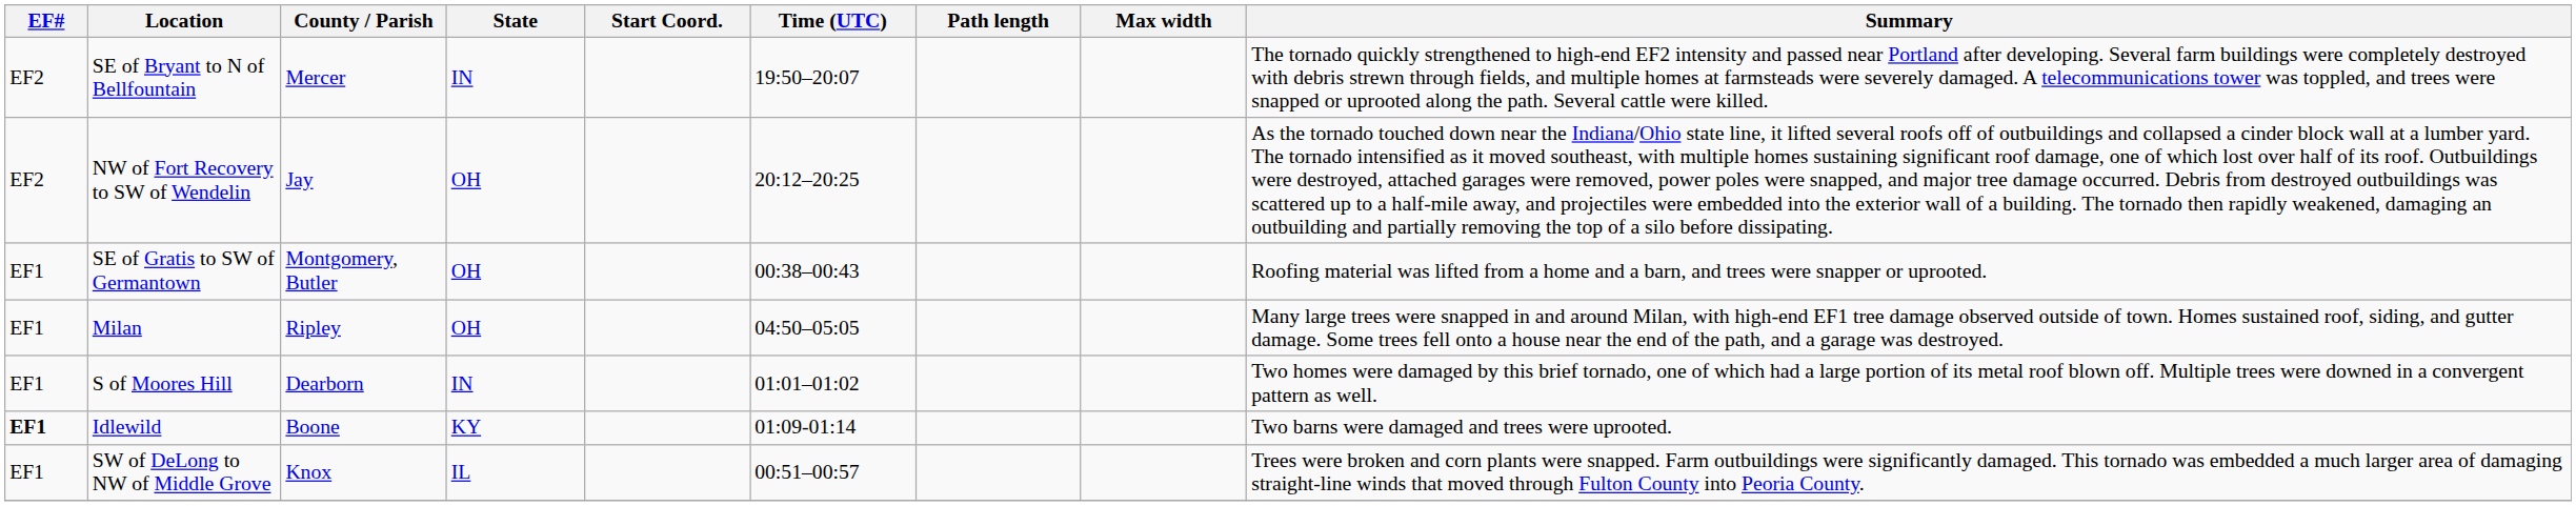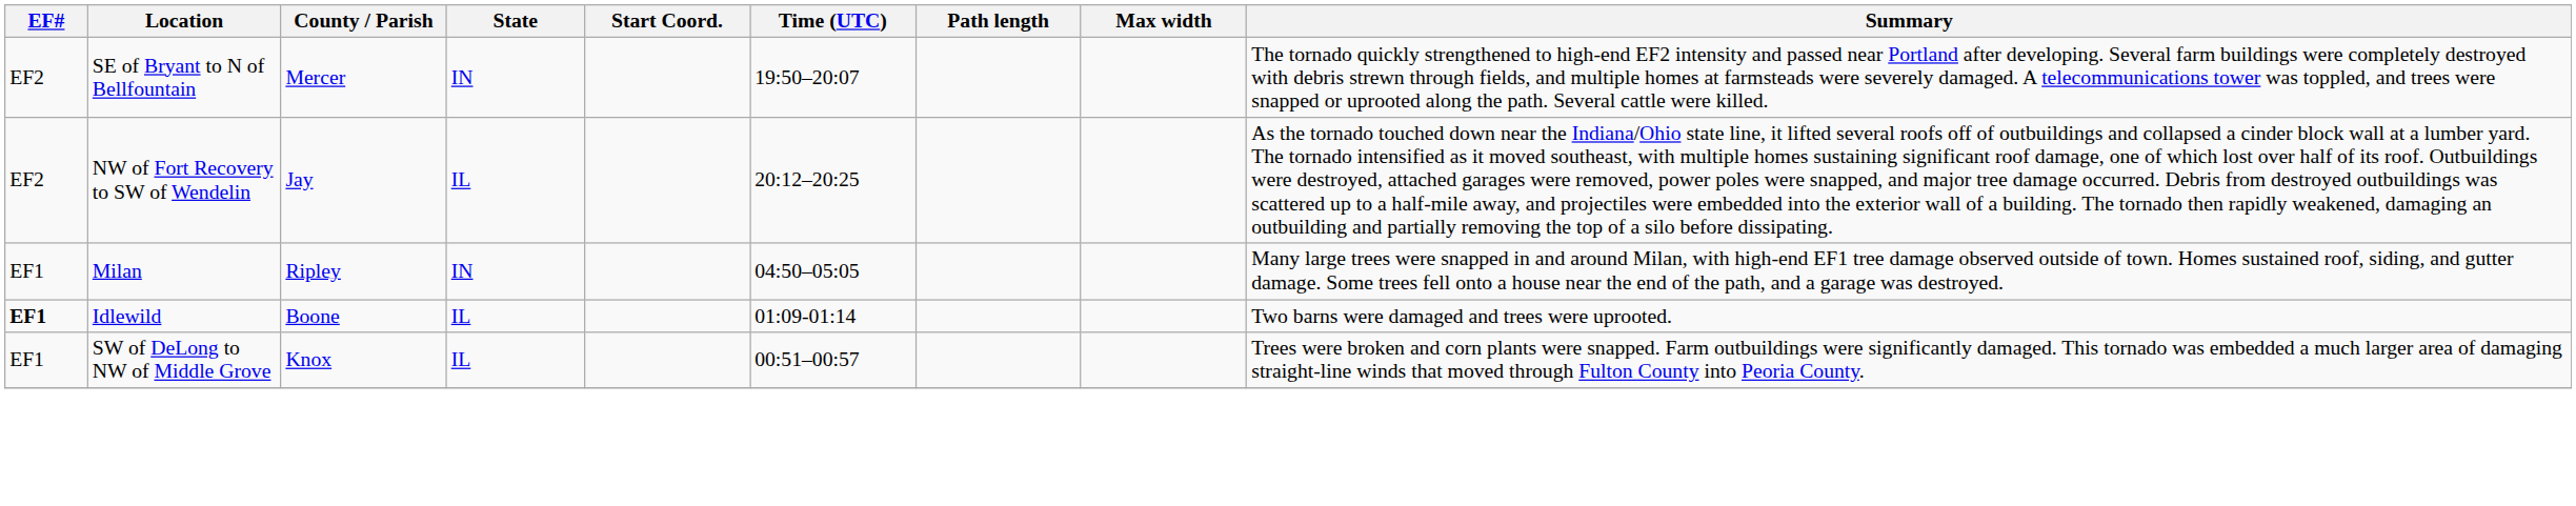 <table class="wikitable sortable" style="width:100%;">
 <tr>
 <th scope="col"  style="width:3%; text-align:center;"><a href='#'>EF#</a></th>
 <th scope="col"  style="width:7%; text-align:center;" class="unsortable">Location</th>
 <th scope="col"  style="width:6%; text-align:center;" class="unsortable">County / Parish</th>
 <th scope="col"  style="width:5%; text-align:center;">State</th>
 <th scope="col"  style="width:6%; text-align:center;">Start Coord.</th>
 <th scope="col"  style="width:6%; text-align:center;">Time (<a href='#'>UTC</a>)</th>
 <th scope="col"  style="width:6%; text-align:center;">Path length</th>
 <th scope="col"  style="width:6%; text-align:center;">Max width</th>
 <th scope="col" class="unsortable" style="width:48%; text-align:center;">Summary</th>
 </tr>
 <tr>
 <td>EF2</td>
 <td>SE of <a href='#'>Bryant</a> to N of <a href='#'>Bellfountain</a></td>
 <td><a href='#'>Mercer</a></td>
 <td><a href='#'>IN</a></td>
 <td></td>
 <td>19:50–20:07</td>
 <td></td>
 <td></td>
 <td>The tornado quickly strengthened to high-end EF2 intensity and passed near <a href='#'>Portland</a> after developing. Several farm buildings were completely destroyed with debris strewn through fields, and multiple homes at farmsteads were severely damaged. A  <a href='#'>telecommunications tower</a> was toppled, and trees were snapped or uprooted along the path. Several cattle were killed.</td>
 </tr>
 <tr>
 <td>EF2</td>
 <td>NW of <a href='#'>Fort Recovery</a> to SW of <a href='#'>Wendelin</a></td>
 <td><a href='#'>Jay</a></td>
-<td><a href='#'>OH</a></td>
+<td><a href='#'>IL</a></td>
 <td></td>
 <td>20:12–20:25</td>
 <td></td>
 <td></td>
 <td>As the tornado touched down near the <a href='#'>Indiana</a>/<a href='#'>Ohio</a> state line, it lifted several roofs off of outbuildings and collapsed a cinder block wall at a lumber yard. The tornado intensified as it moved southeast, with multiple homes sustaining significant roof damage, one of which lost over half of its roof. Outbuildings were destroyed, attached garages were removed, power poles were snapped, and major tree damage occurred. Debris from destroyed outbuildings was scattered up to a half-mile away, and projectiles were embedded into the exterior wall of a building. The tornado then rapidly weakened, damaging an outbuilding and partially removing the top of a silo before dissipating.</td>
 </tr>
 <tr>
 <td>EF1</td>
-<td>SE of <a href='#'>Gratis</a> to SW of <a href='#'>Germantown</a></td>
-<td><a href='#'>Montgomery</a>, <a href='#'>Butler</a></td>
-<td><a href='#'>OH</a></td>
-<td></td>
-<td>00:38–00:43</td>
-<td></td>
-<td></td>
-<td>Roofing material was lifted from a home and a barn, and trees were snapper or uprooted.</td>
-</tr>
-<tr>
-<td>EF1</td>
 <td><a href='#'>Milan</a></td>
 <td><a href='#'>Ripley</a></td>
-<td><a href='#'>OH</a></td>
+<td><a href='#'>IN</a></td>
 <td></td>
 <td>04:50–05:05</td>
 <td></td>
 <td></td>
 <td>Many large trees were snapped in and around Milan, with high-end EF1 tree damage observed outside of town. Homes sustained roof, siding, and gutter damage. Some trees fell onto a house near the end of the path, and a garage was destroyed.</td>
 </tr>
 <tr>
-<td>EF1</td>
-<td>S of <a href='#'>Moores Hill</a></td>
-<td><a href='#'>Dearborn</a></td>
-<td><a href='#'>IN</a></td>
-<td></td>
-<td>01:01–01:02</td>
-<td></td>
-<td></td>
-<td>Two homes were damaged by this brief tornado, one of which had a large portion of its metal roof blown off. Multiple trees were downed in a convergent pattern as well.</td>
-</tr>
-<tr>
 <td><strong>EF1</strong></td>
 <td><a href='#'>Idlewild</a></td>
 <td><a href='#'>Boone</a></td>
-<td><a href='#'>KY</a></td>
+<td><a href='#'>IL</a></td>
 <td></td>
 <td>01:09-01:14</td>
 <td></td>
 <td></td>
 <td>Two barns were damaged and trees were uprooted.</td>
 </tr>
 <tr>
 <td>EF1</td>
 <td>SW of <a href='#'>DeLong</a> to NW of <a href='#'>Middle Grove</a></td>
 <td><a href='#'>Knox</a></td>
 <td><a href='#'>IL</a></td>
 <td></td>
 <td>00:51–00:57</td>
 <td></td>
 <td></td>
 <td>Trees were broken and corn plants were snapped. Farm outbuildings were significantly damaged. This tornado was embedded a much larger area of  damaging straight-line winds that moved through <a href='#'>Fulton County</a> into <a href='#'>Peoria County</a>.</td>
 </tr>
 <tr>
 </tr>
 </table>
